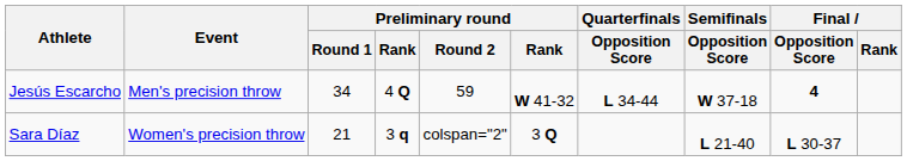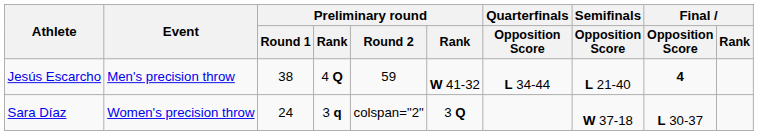 <table class="wikitable" style="font-size:90%">
 <tr>
 <th rowspan="2">Athlete</th>
 <th rowspan="2">Event</th>
 <th colspan="4">Preliminary round</th>
 <th>Quarterfinals</th>
 <th>Semifinals</th>
 <th colspan="2">Final / </th>
 </tr>
 <tr style="font-size:95%">
 <th>Round 1</th>
 <th>Rank</th>
 <th>Round 2</th>
 <th>Rank</th>
 <th>Opposition<br>Score</th>
 <th>Opposition<br>Score</th>
 <th>Opposition<br>Score</th>
 <th>Rank</th>
 </tr>
 <tr align="center">
 <td align="left"><a href='#'>Jesús Escarcho</a></td>
 <td align="left"><a href='#'>Men's precision throw</a></td>
-<td>34</td>
+<td>38</td>
 <td>4 <strong>Q</strong></td>
 <td>59</td>
 <td><br><strong>W</strong> 41-32</td>
 <td><br><strong>L</strong> 34-44</td>
-<td><br><strong>W</strong> 37-18</td>
+<td><br><strong>L</strong> 21-40</td>
 <td><strong>4</strong></td>
 </tr>
 <tr align="center">
 <td align="left"><a href='#'>Sara Díaz</a></td>
 <td align="left"><a href='#'>Women's precision throw</a></td>
-<td>21</td>
+<td>24</td>
 <td>3 <strong>q</strong></td>
 <td>colspan="2" </td>
 <td>3 <strong>Q</strong></td>
 <td></td>
-<td><br><strong>L</strong> 21-40</td>
+<td><br><strong>W</strong> 37-18</td>
 <td><br><strong>L</strong> 30-37</td>
 <td></td>
 </tr>
 </table>
